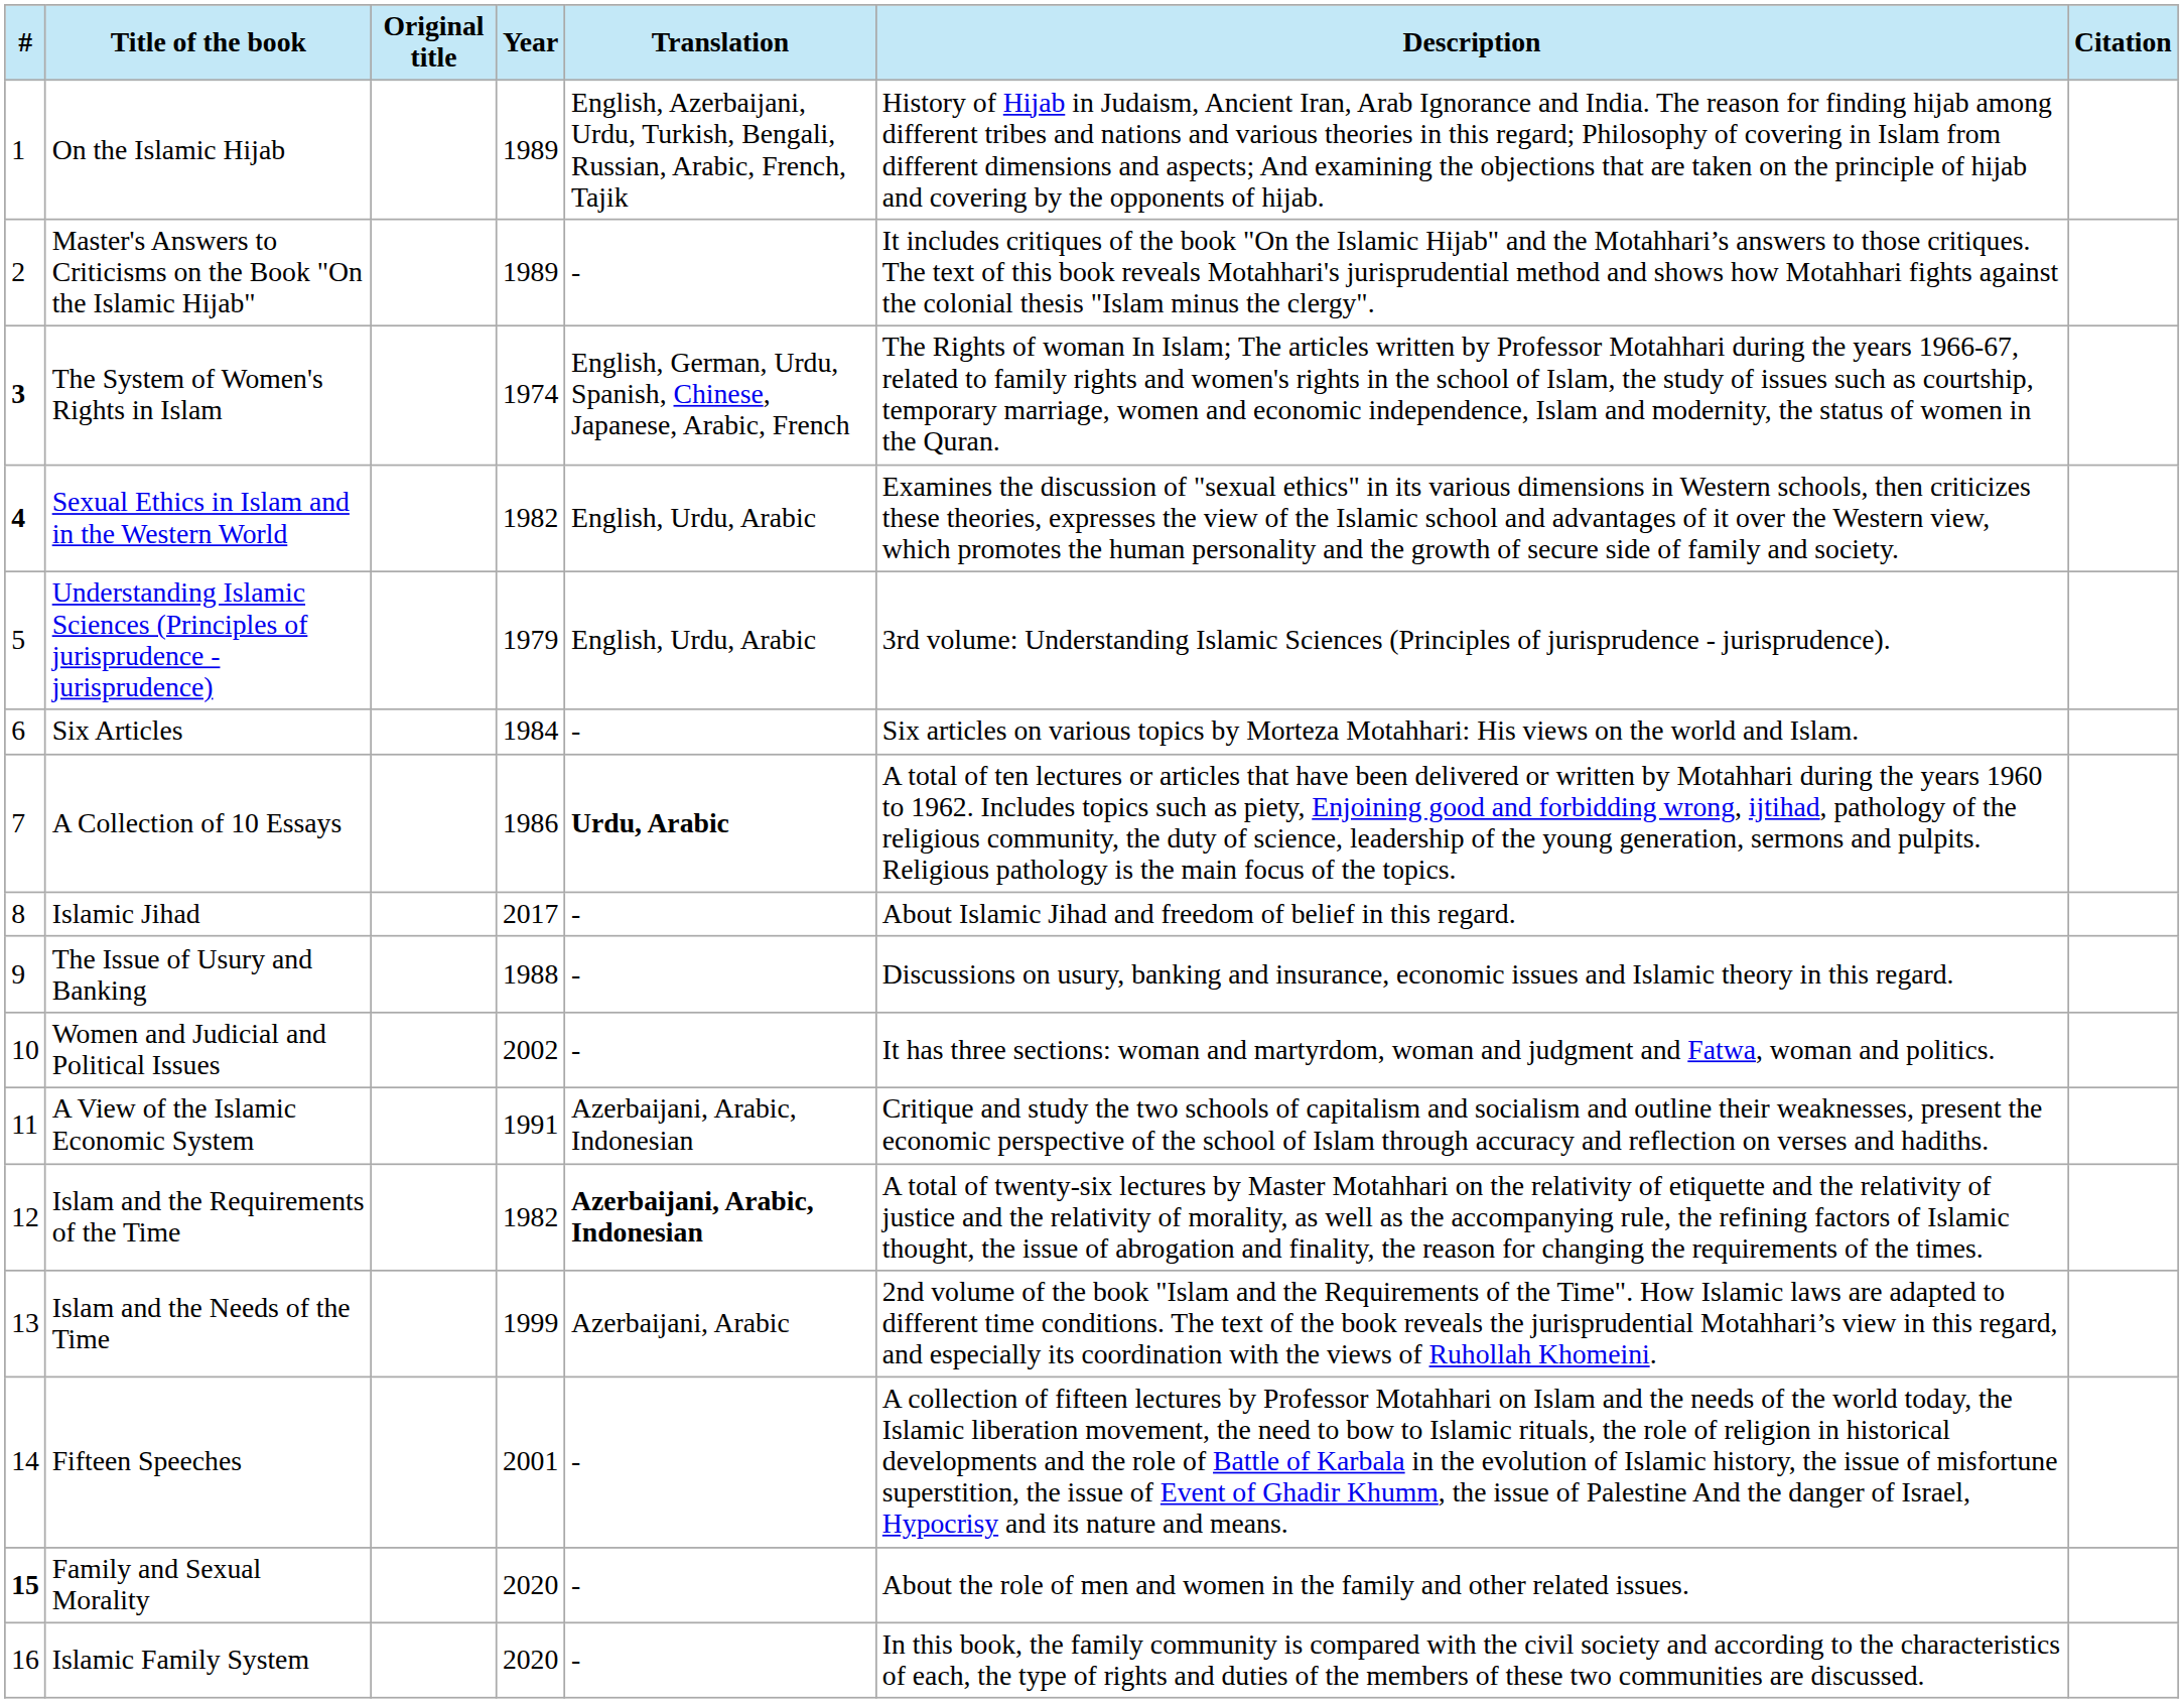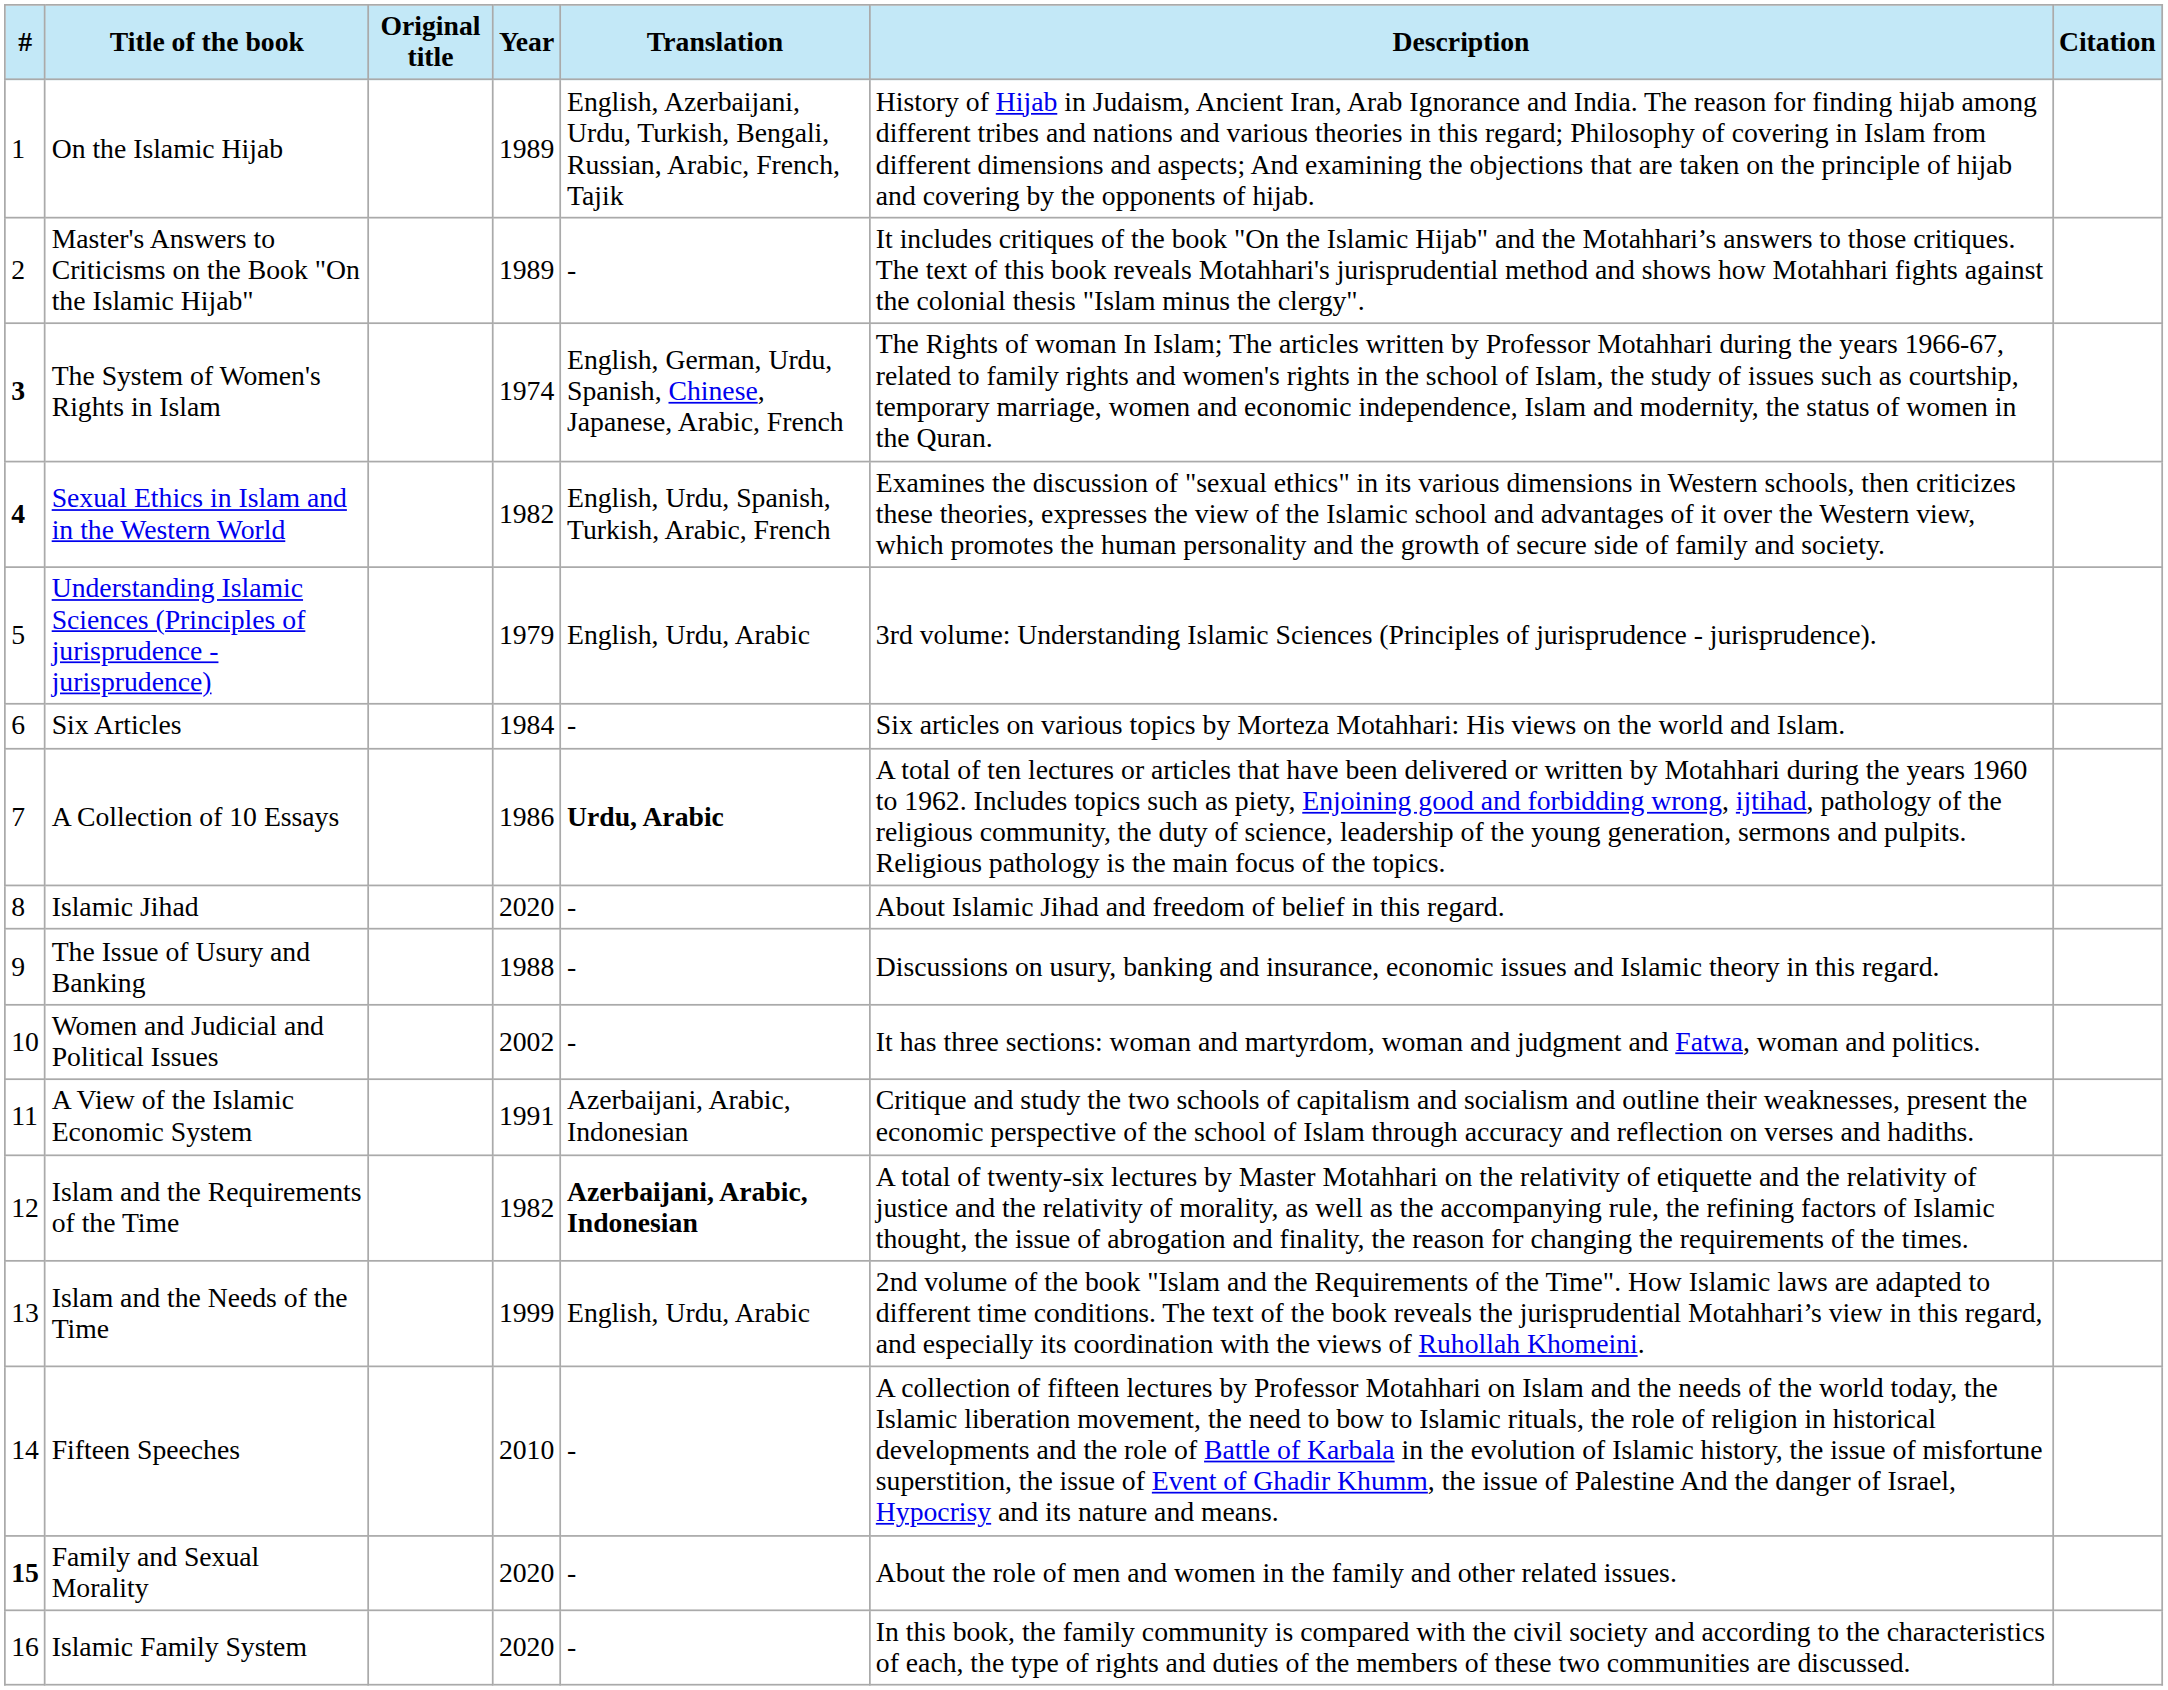 <table class="wikitable" style="background-color:#ffffff; color:#000000">
 <tr>
 <th style="background-color:#c3e8f7;">#</th>
 <th style="background-color:#c3e8f7;">Title of the book</th>
 <th style="background-color:#c3e8f7;">Original title</th>
 <th style="background-color:#c3e8f7;">Year</th>
 <th style="background-color:#c3e8f7;">Translation</th>
 <th style="background-color:#c3e8f7;">Description</th>
 <th style="background-color:#c3e8f7;">Citation</th>
 </tr>
 <tr>
 <td>1</td>
 <td>On the Islamic Hijab</td>
 <td></td>
 <td>1989</td>
 <td>English, Azerbaijani, Urdu, Turkish, Bengali, Russian, Arabic, French, Tajik</td>
 <td>History of <a href='#'>Hijab</a> in Judaism, Ancient Iran, Arab Ignorance and India. The reason for finding hijab among different tribes and nations and various theories in this regard; Philosophy of covering in Islam from different dimensions and aspects; And examining the objections that are taken on the principle of hijab and covering by the opponents of hijab.</td>
 <td></td>
 </tr>
 <tr>
 <td>2</td>
 <td>Master's Answers to Criticisms on the Book "On the Islamic Hijab"</td>
 <td></td>
 <td>1989</td>
 <td>-</td>
 <td>It includes critiques of the book "On the Islamic Hijab" and the Motahhari’s answers to those critiques. The text of this book reveals Motahhari's jurisprudential method and shows how Motahhari fights against the colonial thesis "Islam minus the clergy".</td>
 <td></td>
 </tr>
 <tr>
 <td><strong>3</strong></td>
 <td>The System of Women's Rights in Islam</td>
 <td></td>
 <td>1974</td>
 <td>English, German, Urdu, Spanish, <a href='#'>Chinese</a>, Japanese, Arabic, French</td>
 <td>The Rights of woman In Islam; The articles written by Professor Motahhari during the years 1966-67, related to family rights and women's rights in the school of Islam, the study of issues such as courtship, temporary marriage, women and economic independence, Islam and modernity, the status of women in the Quran.</td>
 <td></td>
 </tr>
 <tr>
 <td><strong>4</strong></td>
 <td><a href='#'>Sexual Ethics in Islam and in the Western World</a></td>
 <td></td>
 <td>1982</td>
-<td>English, Urdu, Arabic</td>
+<td>English, Urdu, Spanish, Turkish, Arabic, French</td>
 <td>Examines the discussion of "sexual ethics" in its various dimensions in Western schools, then criticizes these theories, expresses the view of the Islamic school and advantages of it over the Western view, which promotes the human personality and the growth of secure side of family and society.</td>
 <td></td>
 </tr>
 <tr>
 <td>5</td>
 <td><a href='#'>Understanding Islamic Sciences (Principles of jurisprudence - jurisprudence)</a></td>
 <td></td>
 <td>1979</td>
 <td>English, Urdu, Arabic</td>
 <td>3rd volume: Understanding Islamic Sciences (Principles of jurisprudence - jurisprudence).</td>
 <td></td>
 </tr>
 <tr>
 <td>6</td>
 <td>Six Articles</td>
 <td></td>
 <td>1984</td>
 <td>-</td>
 <td>Six articles on various topics by Morteza Motahhari: His views on the world and Islam.</td>
 <td></td>
 </tr>
 <tr>
 <td>7</td>
 <td>A Collection of 10 Essays</td>
 <td></td>
 <td>1986</td>
 <td><strong>Urdu, Arabic</strong></td>
 <td>A total of ten lectures or articles that have been delivered or written by Motahhari during the years 1960 to 1962. Includes topics such as piety, <a href='#'>Enjoining good and forbidding wrong</a>, <a href='#'>ijtihad</a>, pathology of the religious community, the duty of science, leadership of the young generation, sermons and pulpits. Religious pathology is the main focus of the topics.</td>
 <td></td>
 </tr>
 <tr>
 <td>8</td>
 <td>Islamic Jihad</td>
 <td></td>
-<td>2017</td>
+<td>2020</td>
 <td>-</td>
 <td>About Islamic Jihad and freedom of belief in this regard.</td>
 <td></td>
 </tr>
 <tr>
 <td>9</td>
 <td>The Issue of Usury and Banking</td>
 <td></td>
 <td>1988</td>
 <td>-</td>
 <td>Discussions on usury, banking and insurance, economic issues and Islamic theory in this regard.</td>
 <td></td>
 </tr>
 <tr>
 <td>10</td>
 <td>Women and Judicial and Political Issues</td>
 <td></td>
 <td>2002</td>
 <td>-</td>
 <td>It has three sections: woman and martyrdom, woman and judgment and <a href='#'>Fatwa</a>, woman and politics.</td>
 <td></td>
 </tr>
 <tr>
 <td>11</td>
 <td>A View of the Islamic Economic System</td>
 <td></td>
 <td>1991</td>
 <td>Azerbaijani, Arabic, Indonesian</td>
 <td>Critique and study the two schools of capitalism and socialism and outline their weaknesses, present the economic perspective of the school of Islam through accuracy and reflection on verses and hadiths.</td>
 <td></td>
 </tr>
 <tr>
 <td>12</td>
 <td>Islam and the Requirements of the Time</td>
 <td></td>
 <td>1982</td>
 <td><strong>Azerbaijani, Arabic, Indonesian</strong></td>
 <td>A total of twenty-six lectures by Master Motahhari on the relativity of etiquette and the relativity of justice and the relativity of morality, as well as the accompanying rule, the refining factors of Islamic thought, the issue of abrogation and finality, the reason for changing the requirements of the times.</td>
 <td></td>
 </tr>
 <tr>
 <td>13</td>
 <td>Islam and the Needs of the Time</td>
 <td></td>
 <td>1999</td>
-<td>Azerbaijani, Arabic</td>
+<td>English, Urdu, Arabic</td>
 <td>2nd volume of the book "Islam and the Requirements of the Time". How Islamic laws are adapted to different time conditions. The text of the book reveals the jurisprudential Motahhari’s view in this regard, and especially its coordination with the views of <a href='#'>Ruhollah Khomeini</a>.</td>
 <td></td>
 </tr>
 <tr>
 <td>14</td>
 <td>Fifteen Speeches</td>
 <td></td>
-<td>2001</td>
+<td>2010</td>
 <td>-</td>
 <td>A collection of fifteen lectures by Professor Motahhari on Islam and the needs of the world today, the Islamic liberation movement, the need to bow to Islamic rituals, the role of religion in historical developments and the role of <a href='#'>Battle of Karbala</a> in the evolution of Islamic history, the issue of misfortune superstition, the issue of <a href='#'>Event of Ghadir Khumm</a>, the issue of Palestine And the danger of Israel, <a href='#'>Hypocrisy</a> and its nature and means.</td>
 <td></td>
 </tr>
 <tr>
 <td><strong>15</strong></td>
 <td>Family and Sexual Morality</td>
 <td></td>
 <td>2020</td>
 <td>-</td>
 <td>About the role of men and women in the family and other related issues.</td>
 <td></td>
 </tr>
 <tr>
 <td>16</td>
 <td>Islamic Family System</td>
 <td></td>
 <td>2020</td>
 <td>-</td>
 <td>In this book, the family community is compared with the civil society and according to the characteristics of each, the type of rights and duties of the members of these two communities are discussed.</td>
 <td></td>
 </tr>
 </table>
